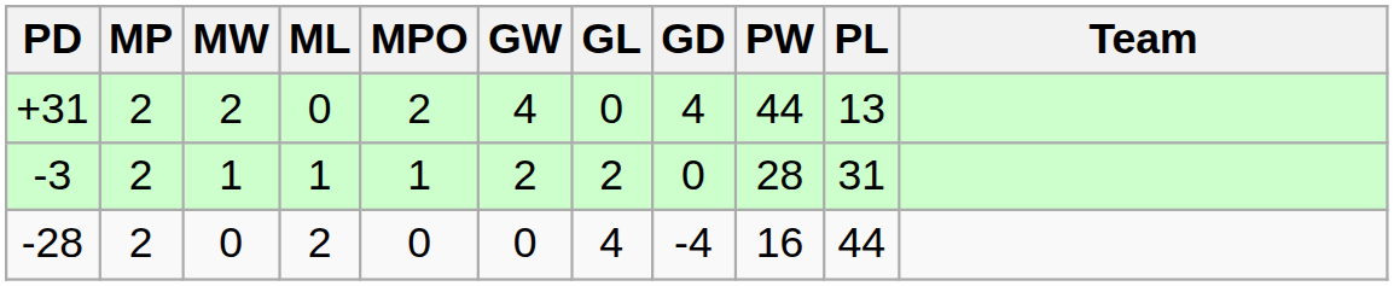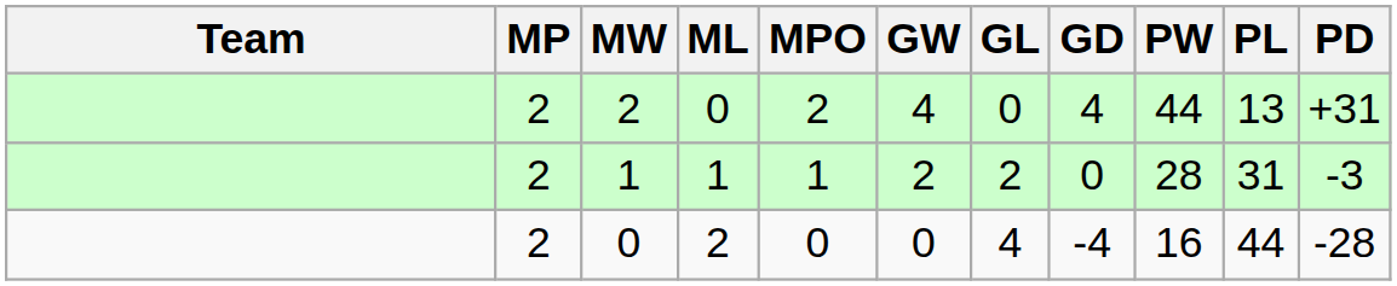 <table class=wikitable style="text-align:center">
 <tr>
-<th width=20>PD</th>
+<th width=175>Team</th>
 <th width=20>MP</th>
 <th width=20>MW</th>
 <th width=20>ML</th>
 <th width=20>MPO</th>
 <th width=20>GW</th>
 <th width=20>GL</th>
 <th width=20>GD</th>
 <th width=20>PW</th>
 <th width=20>PL</th>
-<th width=175>Team</th>
+<th width=20>PD</th>
 </tr>
 <tr style="background:#cfc;">
-<td>+31</td>
+<td align=left><strong><br></strong></td>
 <td>2</td>
 <td>2</td>
 <td>0</td>
 <td>2</td>
 <td>4</td>
 <td>0</td>
 <td>4</td>
 <td>44</td>
 <td>13</td>
-<td align=left><strong><br></strong></td>
+<td>+31</td>
 </tr>
 <tr style="background:#cfc;">
-<td>-3</td>
+<td align=left><strong><br></strong></td>
 <td>2</td>
 <td>1</td>
 <td>1</td>
 <td>1</td>
 <td>2</td>
 <td>2</td>
 <td>0</td>
 <td>28</td>
 <td>31</td>
-<td align=left><strong><br></strong></td>
+<td>-3</td>
 </tr>
 <tr>
-<td>-28</td>
+<td align=left><br></td>
 <td>2</td>
 <td>0</td>
 <td>2</td>
 <td>0</td>
 <td>0</td>
 <td>4</td>
 <td>-4</td>
 <td>16</td>
 <td>44</td>
-<td align=left><br></td>
+<td>-28</td>
 </tr>
 </table>
